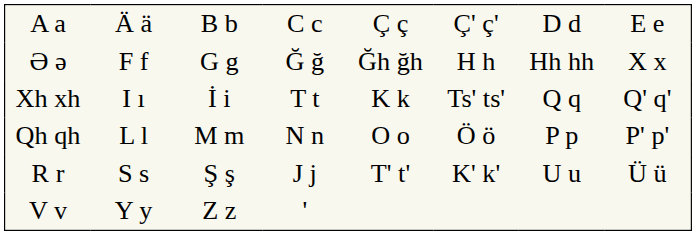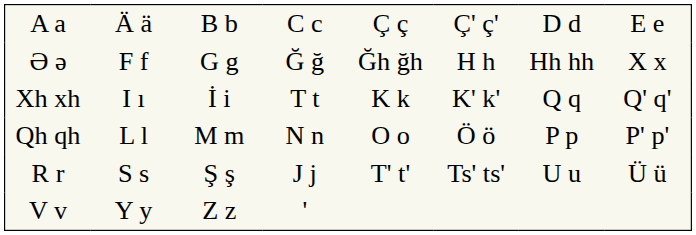 <table style="font-family:Arial Unicode MS; font-size:1.4em; border-color:#000; border-width:1px; border-style:solid; border-collapse:collapse; background:#f8f8ef;">
 <tr>
 <td style="width:3em; text-align:center; padding: 3px;">A a</td>
 <td style="width:3em; text-align:center; padding: 3px;">Ä ä</td>
 <td style="width:3em; text-align:center; padding: 3px;">B b</td>
 <td style="width:3em; text-align:center; padding: 3px;">C c</td>
 <td style="width:3em; text-align:center; padding: 3px;">Ç ç</td>
 <td style="width:3em; text-align:center; padding: 3px;">Ç' ç'</td>
 <td style="width:3em; text-align:center; padding: 3px;">D d</td>
 <td style="width:3em; text-align:center; padding: 3px;">E e</td>
 </tr>
 <tr style="text-align:center;">
 <td style="width:3em; padding: 3px;">Ә ә</td>
 <td style="width:3em; padding: 3px;">F f</td>
 <td style="width:3em; padding: 3px;">G g</td>
 <td style="width:3em; padding: 3px;">Ğ ğ</td>
 <td style="width:3em; padding: 3px;">Ğh ğh</td>
 <td style="width:3em; padding: 3px;">H h</td>
 <td style="width:3em; padding: 3px;">Hh hh</td>
 <td style="width:3em; padding: 3px;">X x</td>
 </tr>
 <tr style="text-align:center;">
 <td style="width:3em; padding: 3px;">Xh xh</td>
 <td style="width:3em; padding: 3px;">I ı</td>
 <td style="width:3em; padding: 3px;">İ i</td>
 <td style="width:3em; padding: 3px;">T t</td>
 <td style="width:3em; padding: 3px;">K k</td>
-<td style="width:3em; padding: 3px;">Ts' ts'</td>
+<td style="width:3em; padding: 3px;">K' k'</td>
 <td style="width:3em; padding: 3px;">Q q</td>
 <td style="width:3em; padding: 3px;">Q' q'</td>
 </tr>
 <tr style="text-align:center;">
 <td style="width:3em; padding: 3px;">Qh qh</td>
 <td style="width:3em; padding: 3px;">L l</td>
 <td style="width:3em; padding: 3px;">M m</td>
 <td style="width:3em; padding: 3px;">N n</td>
 <td style="width:3em; padding: 3px;">O o</td>
 <td style="width:3em; padding: 3px;">Ö ö</td>
 <td style="width:3em; padding: 3px;">P p</td>
 <td style="width:3em; padding: 3px;">P' p'</td>
 </tr>
 <tr style="text-align:center;">
 <td style="width:3em; padding: 3px;">R r</td>
 <td style="width:3em; padding: 3px;">S s</td>
 <td style="width:3em; padding: 3px;">Ş ş</td>
 <td style="width:3em; padding: 3px;">J j</td>
 <td style="width:3em; padding: 3px;">T' t'</td>
-<td style="width:3em; padding: 3px;">K' k'</td>
+<td style="width:3em; padding: 3px;">Ts' ts'</td>
 <td style="width:3em; padding: 3px;">U u</td>
 <td style="width:3em; padding: 3px;">Ü ü</td>
 </tr>
 <tr style="text-align:center;">
 <td style="width:3em; padding: 3px;">V v</td>
 <td style="width:3em; padding: 3px;">Y y</td>
 <td style="width:3em; padding: 3px;">Z z</td>
 <td style="width:3em; padding: 3px;">'</td>
 <td style="width:3em; padding: 3px;"></td>
 <td style="width:3em; padding: 3px;"></td>
 <td style="width:3em; padding: 3px;"></td>
 <td style="width:3em; padding: 3px;"></td>
 </tr>
 </table>
